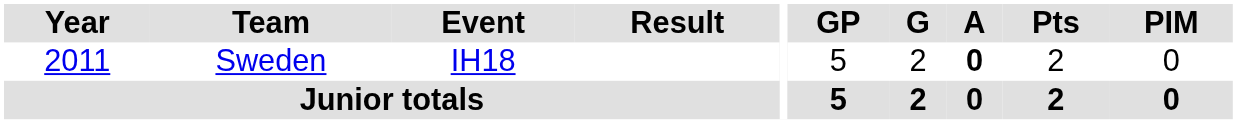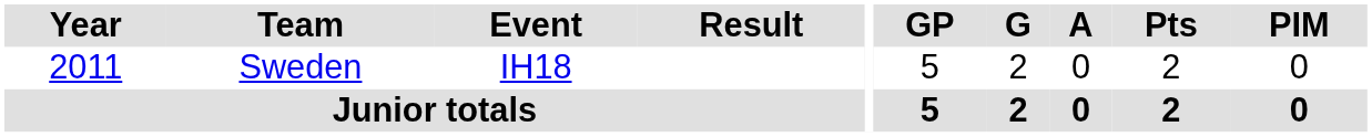 <table border="0" cellpadding="1" cellspacing="0" ID="Table3" style="text-align:center; width:40em">
 <tr ALIGN="center" bgcolor="#e0e0e0">
 <th>Year</th>
 <th>Team</th>
 <th>Event</th>
 <th>Result</th>
 <th rowspan="99" bgcolor="#ffffff"></th>
 <th>GP</th>
 <th>G</th>
 <th>A</th>
 <th>Pts</th>
 <th>PIM</th>
 </tr>
 <tr>
 <td><a href='#'>2011</a></td>
 <td><a href='#'>Sweden</a></td>
 <td><a href='#'>IH18</a></td>
 <td></td>
 <td>5</td>
 <td>2</td>
-<td><strong>0</strong></td>
+<td>0</td>
 <td>2</td>
 <td>0</td>
 </tr>
 <tr bgcolor="#e0e0e0">
 <th colspan="4">Junior totals</th>
 <th>5</th>
 <th>2</th>
 <th>0</th>
 <th>2</th>
 <th>0</th>
 </tr>
 </table>
